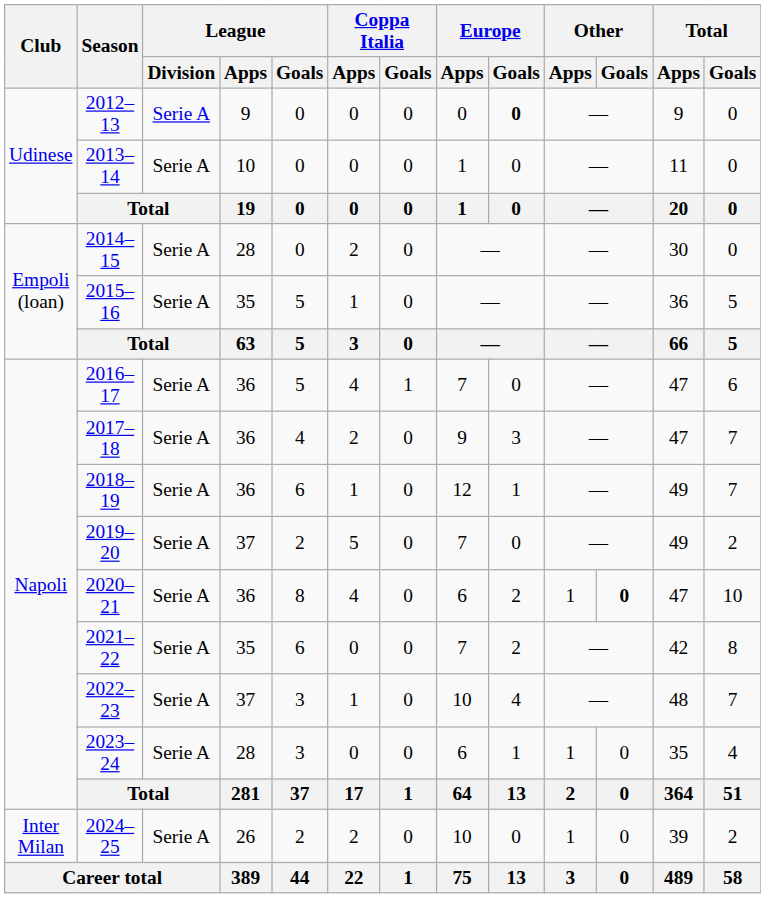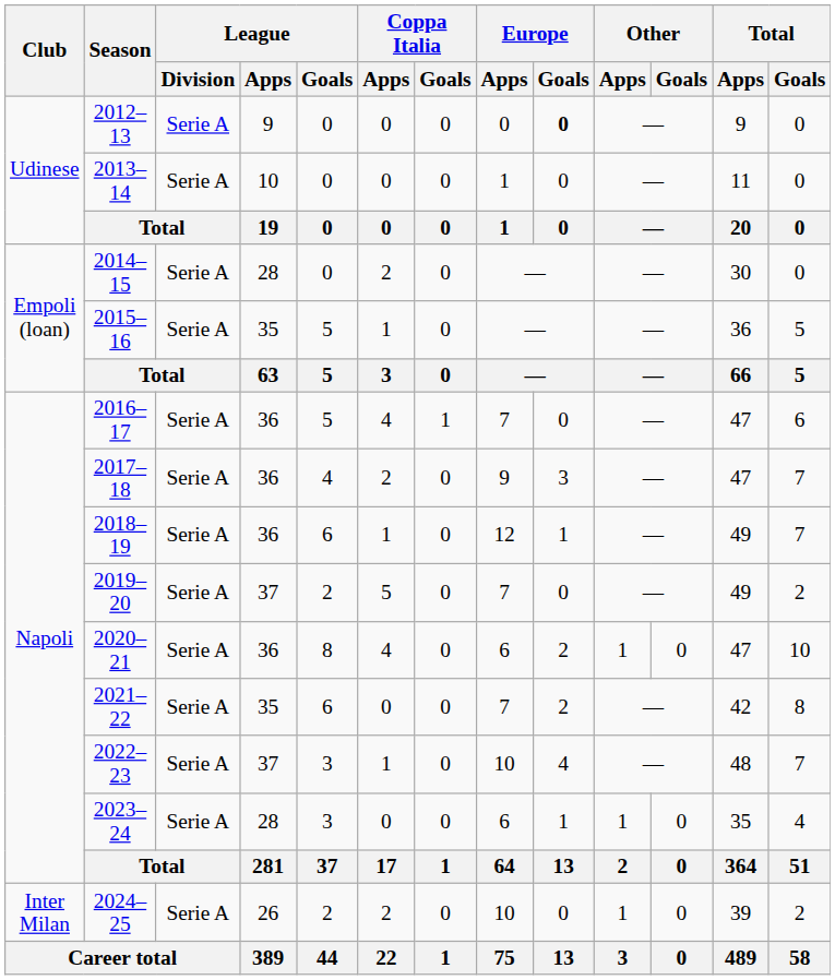 <table class="wikitable" style="text-align:center">
 <tr>
 <th rowspan="2">Club</th>
 <th rowspan="2">Season</th>
 <th colspan="3">League</th>
 <th colspan="2"><a href='#'>Coppa Italia</a></th>
 <th colspan="2"><a href='#'>Europe</a></th>
 <th colspan="2">Other</th>
 <th colspan="2">Total</th>
 </tr>
 <tr>
 <th>Division</th>
 <th>Apps</th>
 <th>Goals</th>
 <th>Apps</th>
 <th>Goals</th>
 <th>Apps</th>
 <th>Goals</th>
 <th>Apps</th>
 <th>Goals</th>
 <th>Apps</th>
 <th>Goals</th>
 </tr>
 <tr>
 <td rowspan="3"><a href='#'>Udinese</a></td>
 <td><a href='#'>2012–13</a></td>
 <td><a href='#'>Serie A</a></td>
 <td>9</td>
 <td>0</td>
 <td>0</td>
 <td>0</td>
 <td>0</td>
 <td><strong>0</strong></td>
 <td colspan="2">—</td>
 <td>9</td>
 <td>0</td>
 </tr>
 <tr>
 <td><a href='#'>2013–14</a></td>
 <td>Serie A</td>
 <td>10</td>
 <td>0</td>
 <td>0</td>
 <td>0</td>
 <td>1</td>
 <td>0</td>
 <td colspan="2">—</td>
 <td>11</td>
 <td>0</td>
 </tr>
 <tr>
 <th colspan="2">Total</th>
 <th>19</th>
 <th>0</th>
 <th>0</th>
 <th>0</th>
 <th>1</th>
 <th>0</th>
 <th colspan="2">—</th>
 <th>20</th>
 <th>0</th>
 </tr>
 <tr>
 <td rowspan="3"><a href='#'>Empoli</a> (loan)</td>
 <td><a href='#'>2014–15</a></td>
 <td>Serie A</td>
 <td>28</td>
 <td>0</td>
 <td>2</td>
 <td>0</td>
 <td colspan="2">—</td>
 <td colspan="2">—</td>
 <td>30</td>
 <td>0</td>
 </tr>
 <tr>
 <td><a href='#'>2015–16</a></td>
 <td>Serie A</td>
 <td>35</td>
 <td>5</td>
 <td>1</td>
 <td>0</td>
 <td colspan="2">—</td>
 <td colspan="2">—</td>
 <td>36</td>
 <td>5</td>
 </tr>
 <tr>
 <th colspan="2">Total</th>
 <th>63</th>
 <th>5</th>
 <th>3</th>
 <th>0</th>
 <th colspan="2">—</th>
 <th colspan="2">—</th>
 <th>66</th>
 <th>5</th>
 </tr>
 <tr>
 <td rowspan="9"><a href='#'>Napoli</a></td>
 <td><a href='#'>2016–17</a></td>
 <td>Serie A</td>
 <td>36</td>
 <td>5</td>
 <td>4</td>
 <td>1</td>
 <td>7</td>
 <td>0</td>
 <td colspan="2">—</td>
 <td>47</td>
 <td>6</td>
 </tr>
 <tr>
 <td><a href='#'>2017–18</a></td>
 <td>Serie A</td>
 <td>36</td>
 <td>4</td>
 <td>2</td>
 <td>0</td>
 <td>9</td>
 <td>3</td>
 <td colspan="2">—</td>
 <td>47</td>
 <td>7</td>
 </tr>
 <tr>
 <td><a href='#'>2018–19</a></td>
 <td>Serie A</td>
 <td>36</td>
 <td>6</td>
 <td>1</td>
 <td>0</td>
 <td>12</td>
 <td>1</td>
 <td colspan="2">—</td>
 <td>49</td>
 <td>7</td>
 </tr>
 <tr>
 <td><a href='#'>2019–20</a></td>
 <td>Serie A</td>
 <td>37</td>
 <td>2</td>
 <td>5</td>
 <td>0</td>
 <td>7</td>
 <td>0</td>
 <td colspan="2">—</td>
 <td>49</td>
 <td>2</td>
 </tr>
 <tr>
 <td><a href='#'>2020–21</a></td>
 <td>Serie A</td>
 <td>36</td>
 <td>8</td>
 <td>4</td>
 <td>0</td>
 <td>6</td>
 <td>2</td>
 <td>1</td>
-<td><strong>0</strong></td>
+<td>0</td>
 <td>47</td>
 <td>10</td>
 </tr>
 <tr>
 <td><a href='#'>2021–22</a></td>
 <td>Serie A</td>
 <td>35</td>
 <td>6</td>
 <td>0</td>
 <td>0</td>
 <td>7</td>
 <td>2</td>
 <td colspan="2">—</td>
 <td>42</td>
 <td>8</td>
 </tr>
 <tr>
 <td><a href='#'>2022–23</a></td>
 <td>Serie A</td>
 <td>37</td>
 <td>3</td>
 <td>1</td>
 <td>0</td>
 <td>10</td>
 <td>4</td>
 <td colspan="2">—</td>
 <td>48</td>
 <td>7</td>
 </tr>
 <tr>
 <td><a href='#'>2023–24</a></td>
 <td>Serie A</td>
 <td>28</td>
 <td>3</td>
 <td>0</td>
 <td>0</td>
 <td>6</td>
 <td>1</td>
 <td>1</td>
 <td>0</td>
 <td>35</td>
 <td>4</td>
 </tr>
 <tr>
 <th colspan="2">Total</th>
 <th>281</th>
 <th>37</th>
 <th>17</th>
 <th>1</th>
 <th>64</th>
 <th>13</th>
 <th>2</th>
 <th>0</th>
 <th>364</th>
 <th>51</th>
 </tr>
 <tr>
 <td><a href='#'>Inter Milan</a></td>
 <td><a href='#'>2024–25</a></td>
 <td>Serie A</td>
 <td>26</td>
 <td>2</td>
 <td>2</td>
 <td>0</td>
 <td>10</td>
 <td>0</td>
 <td>1</td>
 <td>0</td>
 <td>39</td>
 <td>2</td>
 </tr>
 <tr>
 <th colspan="3">Career total</th>
 <th>389</th>
 <th>44</th>
 <th>22</th>
 <th>1</th>
 <th>75</th>
 <th>13</th>
 <th>3</th>
 <th>0</th>
 <th>489</th>
 <th>58</th>
 </tr>
 </table>
